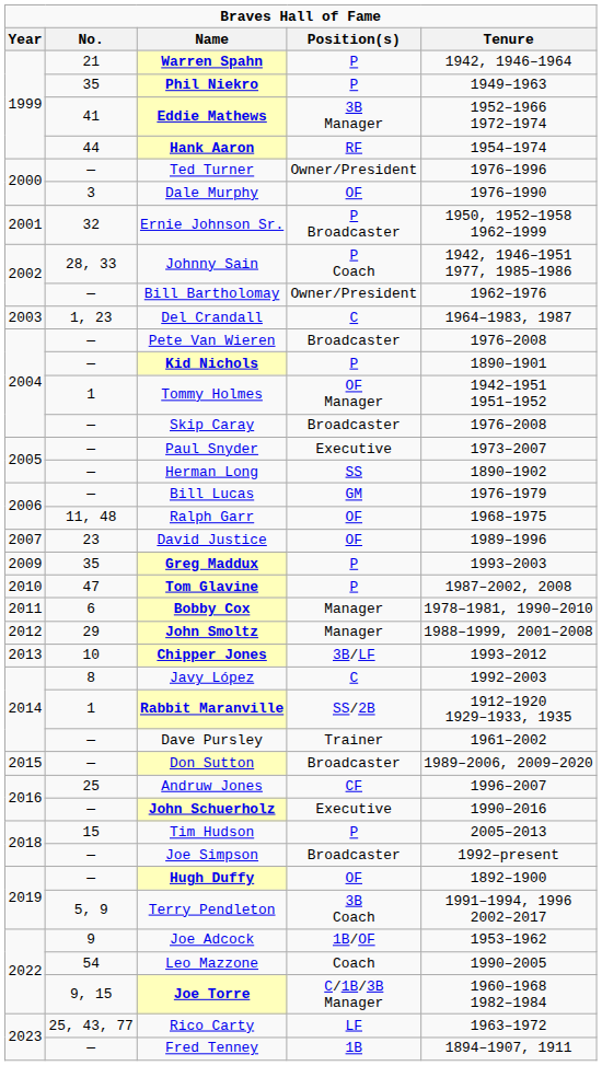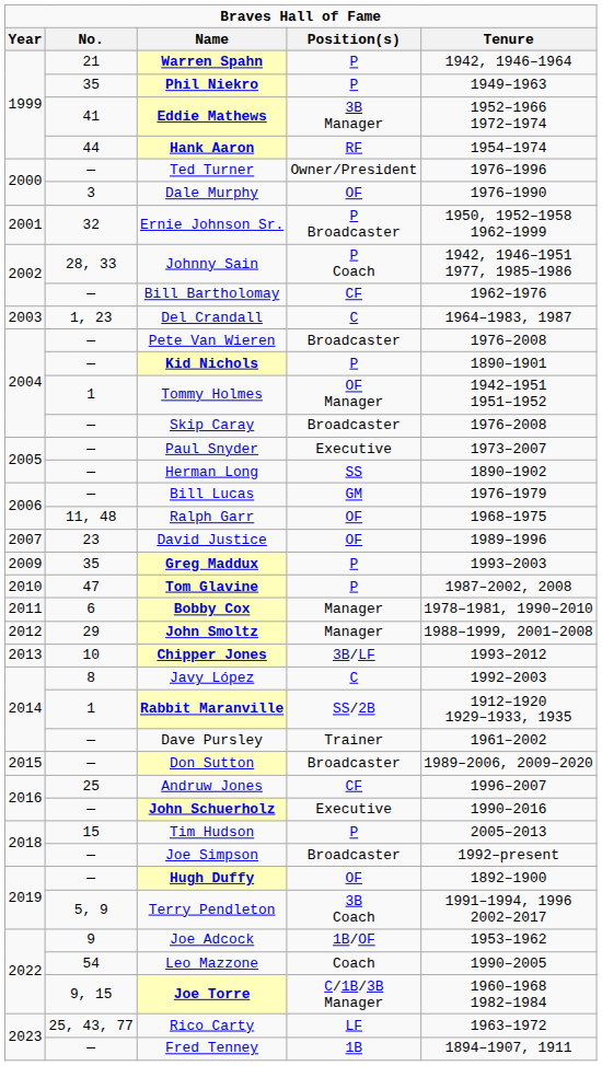 <table class="wikitable" style="text-align:center">
 <tr>
 <td colspan="5"><strong>Braves Hall of Fame</strong></td>
 </tr>
 <tr>
 <th scope="col">Year</th>
 <th scope="col">No.</th>
 <th scope="col">Name</th>
 <th scope="col">Position(s)</th>
 <th scope="col">Tenure</th>
 </tr>
 <tr>
 <td rowspan=4>1999</td>
 <td>21</td>
 <td style="background:#ffb;"><strong><a href='#'>Warren Spahn</a></strong></td>
 <td><a href='#'>P</a></td>
 <td>1942, 1946–1964</td>
 </tr>
 <tr>
 <td>35</td>
 <td style="background:#ffb;"><strong><a href='#'>Phil Niekro</a></strong></td>
 <td><a href='#'>P</a></td>
 <td>1949–1963</td>
 </tr>
 <tr>
 <td>41</td>
 <td style="background:#ffb;"><strong><a href='#'>Eddie Mathews</a></strong></td>
 <td><a href='#'>3B</a><br>Manager</td>
 <td>1952–1966<br>1972–1974</td>
 </tr>
 <tr>
 <td>44</td>
 <td style="background:#ffb;"><strong><a href='#'>Hank Aaron</a></strong></td>
 <td><a href='#'>RF</a></td>
 <td>1954–1974</td>
 </tr>
 <tr>
 <td rowspan=2>2000</td>
 <td>—</td>
 <td><a href='#'>Ted Turner</a></td>
 <td>Owner/President</td>
 <td>1976–1996</td>
 </tr>
 <tr>
 <td>3</td>
 <td><a href='#'>Dale Murphy</a></td>
 <td><a href='#'>OF</a></td>
 <td>1976–1990</td>
 </tr>
 <tr>
 <td>2001</td>
 <td>32</td>
 <td><a href='#'>Ernie Johnson Sr.</a></td>
 <td><a href='#'>P</a><br>Broadcaster</td>
 <td>1950, 1952–1958<br>1962–1999</td>
 </tr>
 <tr>
 <td rowspan=2>2002</td>
 <td>28, 33</td>
 <td><a href='#'>Johnny Sain</a></td>
 <td><a href='#'>P</a><br>Coach</td>
 <td>1942, 1946–1951<br>1977, 1985–1986</td>
 </tr>
 <tr>
 <td>—</td>
 <td><a href='#'>Bill Bartholomay</a></td>
-<td>Owner/President</td>
+<td><a href='#'>CF</a></td>
 <td>1962–1976</td>
 </tr>
 <tr>
 <td>2003</td>
 <td>1, 23</td>
 <td><a href='#'>Del Crandall</a></td>
 <td><a href='#'>C</a></td>
 <td>1964–1983, 1987</td>
 </tr>
 <tr>
 <td rowspan=4>2004</td>
 <td>—</td>
 <td><a href='#'>Pete Van Wieren</a></td>
 <td>Broadcaster</td>
 <td>1976–2008</td>
 </tr>
 <tr>
 <td>—</td>
 <td style="background:#ffb;"><strong><a href='#'>Kid Nichols</a></strong></td>
 <td><a href='#'>P</a></td>
 <td>1890–1901</td>
 </tr>
 <tr>
 <td>1</td>
 <td><a href='#'>Tommy Holmes</a></td>
 <td><a href='#'>OF</a><br>Manager</td>
 <td>1942–1951<br>1951–1952</td>
 </tr>
 <tr>
 <td>—</td>
 <td><a href='#'>Skip Caray</a></td>
 <td>Broadcaster</td>
 <td>1976–2008</td>
 </tr>
 <tr>
 <td rowspan=2>2005</td>
 <td>—</td>
 <td><a href='#'>Paul Snyder</a></td>
 <td>Executive</td>
 <td>1973–2007</td>
 </tr>
 <tr>
 <td>—</td>
 <td><a href='#'>Herman Long</a></td>
 <td><a href='#'>SS</a></td>
 <td>1890–1902</td>
 </tr>
 <tr>
 <td rowspan=2>2006</td>
 <td>—</td>
 <td><a href='#'>Bill Lucas</a></td>
 <td><a href='#'>GM</a></td>
 <td>1976–1979</td>
 </tr>
 <tr>
 <td>11, 48</td>
 <td><a href='#'>Ralph Garr</a></td>
 <td><a href='#'>OF</a></td>
 <td>1968–1975</td>
 </tr>
 <tr>
 <td>2007</td>
 <td>23</td>
 <td><a href='#'>David Justice</a></td>
 <td><a href='#'>OF</a></td>
 <td>1989–1996</td>
 </tr>
 <tr>
 <td>2009</td>
 <td>35</td>
 <td style="background:#ffb;"><strong><a href='#'>Greg Maddux</a></strong></td>
 <td><a href='#'>P</a></td>
 <td>1993–2003</td>
 </tr>
 <tr>
 <td>2010</td>
 <td>47</td>
 <td style="background:#ffb;"><strong><a href='#'>Tom Glavine</a></strong></td>
 <td><a href='#'>P</a></td>
 <td>1987–2002, 2008</td>
 </tr>
 <tr>
 <td>2011</td>
 <td>6</td>
 <td style="background:#ffb;"><strong><a href='#'>Bobby Cox</a></strong></td>
 <td>Manager</td>
 <td>1978–1981, 1990–2010</td>
 </tr>
 <tr>
 <td>2012</td>
 <td>29</td>
 <td style="background:#ffb;"><strong><a href='#'>John Smoltz</a></strong></td>
 <td>Manager</td>
 <td>1988–1999, 2001–2008</td>
 </tr>
 <tr>
 <td>2013</td>
 <td>10</td>
 <td style="background:#ffb;"><strong><a href='#'>Chipper Jones</a></strong></td>
 <td><a href='#'>3B</a>/<a href='#'>LF</a></td>
 <td>1993–2012</td>
 </tr>
 <tr>
 <td rowspan=3>2014</td>
 <td>8</td>
 <td><a href='#'>Javy López</a></td>
 <td><a href='#'>C</a></td>
 <td>1992–2003</td>
 </tr>
 <tr>
 <td>1</td>
 <td style="background:#ffb;"><strong><a href='#'>Rabbit Maranville</a></strong></td>
 <td><a href='#'>SS</a>/<a href='#'>2B</a></td>
 <td>1912–1920<br>1929–1933, 1935</td>
 </tr>
 <tr>
 <td>—</td>
 <td>Dave Pursley</td>
 <td>Trainer</td>
 <td>1961–2002</td>
 </tr>
 <tr>
 <td>2015</td>
 <td>—</td>
 <td style="background:#ffb;"><a href='#'>Don Sutton</a></td>
 <td>Broadcaster</td>
 <td>1989–2006, 2009–2020</td>
 </tr>
 <tr>
 <td rowspan=2>2016</td>
 <td>25</td>
 <td><a href='#'>Andruw Jones</a></td>
 <td><a href='#'>CF</a></td>
 <td>1996–2007</td>
 </tr>
 <tr>
 <td>—</td>
 <td style="background:#ffb;"><strong><a href='#'>John Schuerholz</a></strong></td>
 <td>Executive</td>
 <td>1990–2016</td>
 </tr>
 <tr>
 <td rowspan=2>2018</td>
 <td>15</td>
 <td><a href='#'>Tim Hudson</a></td>
 <td><a href='#'>P</a></td>
 <td>2005–2013</td>
 </tr>
 <tr>
 <td>—</td>
 <td><a href='#'>Joe Simpson</a></td>
 <td>Broadcaster</td>
 <td>1992–present</td>
 </tr>
 <tr>
 <td rowspan=2>2019</td>
 <td>—</td>
 <td style="background:#ffb;"><strong><a href='#'>Hugh Duffy</a></strong></td>
 <td><a href='#'>OF</a></td>
 <td>1892–1900</td>
 </tr>
 <tr>
 <td>5, 9</td>
 <td><a href='#'>Terry Pendleton</a></td>
 <td><a href='#'>3B</a><br>Coach</td>
 <td>1991–1994, 1996<br>2002–2017</td>
 </tr>
 <tr>
 <td rowspan=3>2022</td>
 <td>9</td>
 <td><a href='#'>Joe Adcock</a></td>
 <td><a href='#'>1B</a>/<a href='#'>OF</a></td>
 <td>1953–1962</td>
 </tr>
 <tr>
 <td>54</td>
 <td><a href='#'>Leo Mazzone</a></td>
 <td>Coach</td>
 <td>1990–2005</td>
 </tr>
 <tr>
 <td>9, 15</td>
 <td style="background:#ffb;"><strong><a href='#'>Joe Torre</a></strong></td>
 <td><a href='#'>C</a>/<a href='#'>1B</a>/<a href='#'>3B</a><br>Manager</td>
 <td>1960–1968<br>1982–1984</td>
 </tr>
 <tr>
 <td rowspan=2>2023</td>
 <td>25, 43, 77</td>
 <td><a href='#'>Rico Carty</a></td>
 <td><a href='#'>LF</a></td>
 <td>1963–1972</td>
 </tr>
 <tr>
 <td>—</td>
 <td><a href='#'>Fred Tenney</a></td>
 <td><a href='#'>1B</a></td>
 <td>1894–1907, 1911</td>
 </tr>
 </table>
